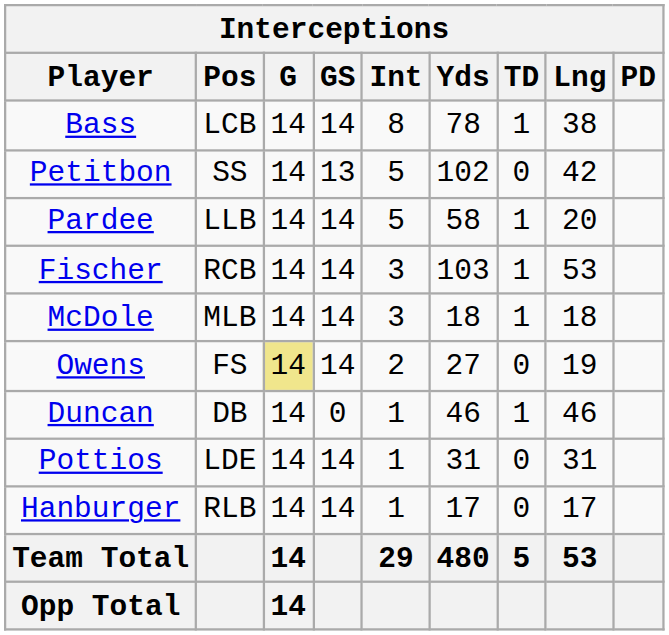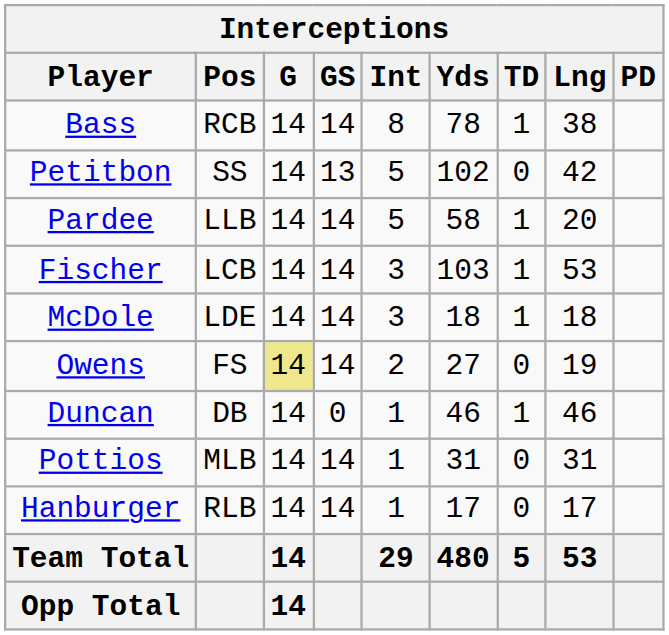 <table class="wikitable" style="text-align:center">
 <tr>
 <th colspan="9">Interceptions</th>
 </tr>
 <tr>
 <th>Player</th>
 <th>Pos</th>
 <th>G</th>
 <th>GS</th>
 <th>Int</th>
 <th>Yds</th>
 <th>TD</th>
 <th>Lng</th>
 <th>PD</th>
 </tr>
 <tr>
 <td><a href='#'>Bass</a></td>
-<td>LCB</td>
+<td>RCB</td>
 <td>14</td>
 <td>14</td>
 <td>8</td>
 <td>78</td>
 <td>1</td>
 <td>38</td>
 <td></td>
 </tr>
 <tr>
 <td><a href='#'>Petitbon</a></td>
 <td>SS</td>
 <td>14</td>
 <td>13</td>
 <td>5</td>
 <td>102</td>
 <td>0</td>
 <td>42</td>
 <td></td>
 </tr>
 <tr>
 <td><a href='#'>Pardee</a></td>
 <td>LLB</td>
 <td>14</td>
 <td>14</td>
 <td>5</td>
 <td>58</td>
 <td>1</td>
 <td>20</td>
 <td></td>
 </tr>
 <tr>
 <td><a href='#'>Fischer</a></td>
-<td>RCB</td>
+<td>LCB</td>
 <td>14</td>
 <td>14</td>
 <td>3</td>
 <td>103</td>
 <td>1</td>
 <td>53</td>
 <td></td>
 </tr>
 <tr>
 <td><a href='#'>McDole</a></td>
-<td>MLB</td>
+<td>LDE</td>
 <td>14</td>
 <td>14</td>
 <td>3</td>
 <td>18</td>
 <td>1</td>
 <td>18</td>
 <td></td>
 </tr>
 <tr>
 <td><a href='#'>Owens</a></td>
 <td>FS</td>
 <td style="background: khaki;">14</td>
 <td>14</td>
 <td>2</td>
 <td>27</td>
 <td>0</td>
 <td>19</td>
 <td></td>
 </tr>
 <tr>
 <td><a href='#'>Duncan</a></td>
 <td>DB</td>
 <td>14</td>
 <td>0</td>
 <td>1</td>
 <td>46</td>
 <td>1</td>
 <td>46</td>
 <td></td>
 </tr>
 <tr>
 <td><a href='#'>Pottios</a></td>
-<td>LDE</td>
+<td>MLB</td>
 <td>14</td>
 <td>14</td>
 <td>1</td>
 <td>31</td>
 <td>0</td>
 <td>31</td>
 <td></td>
 </tr>
 <tr>
 <td><a href='#'>Hanburger</a></td>
 <td>RLB</td>
 <td>14</td>
 <td>14</td>
 <td>1</td>
 <td>17</td>
 <td>0</td>
 <td>17</td>
 <td></td>
 </tr>
 <tr>
 <th>Team Total</th>
 <th></th>
 <th>14</th>
 <th></th>
 <th>29</th>
 <th>480</th>
 <th>5</th>
 <th>53</th>
 <th></th>
 </tr>
 <tr>
 <th>Opp Total</th>
 <th></th>
 <th>14</th>
 <th></th>
 <th></th>
 <th></th>
 <th></th>
 <th></th>
 <th></th>
 </tr>
 </table>
